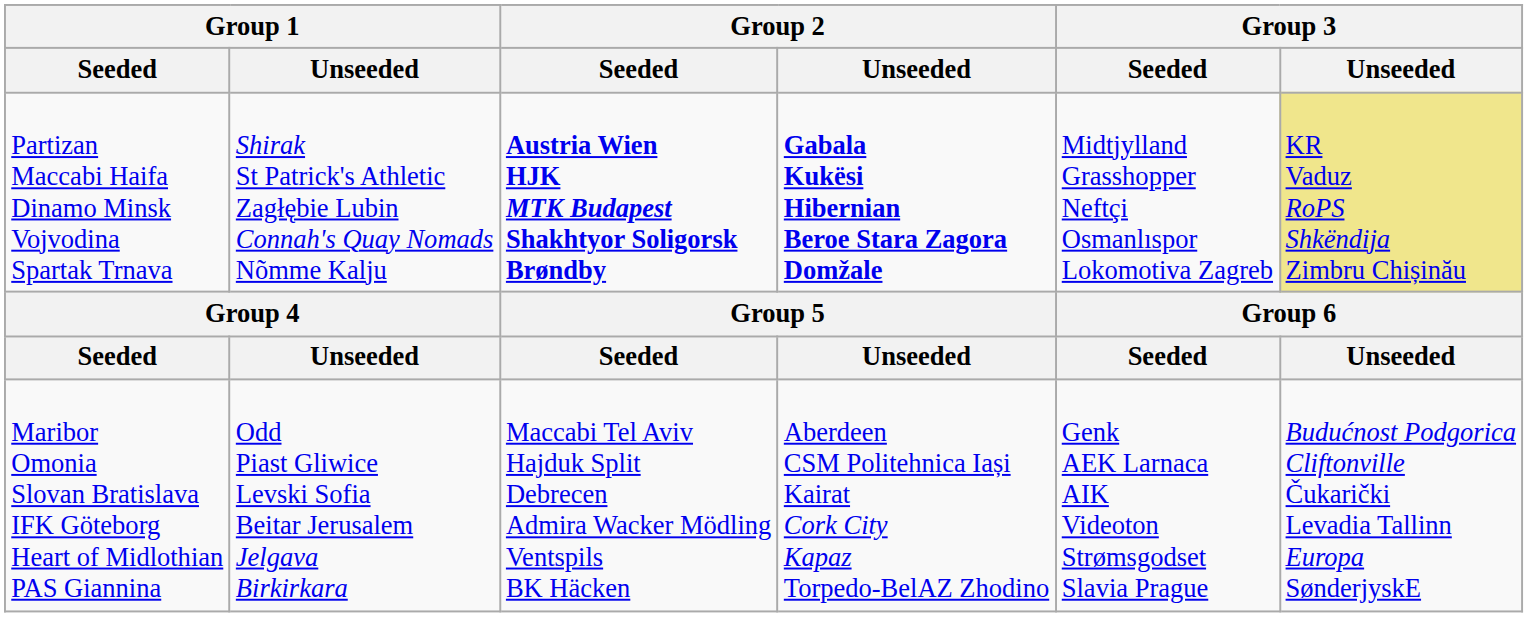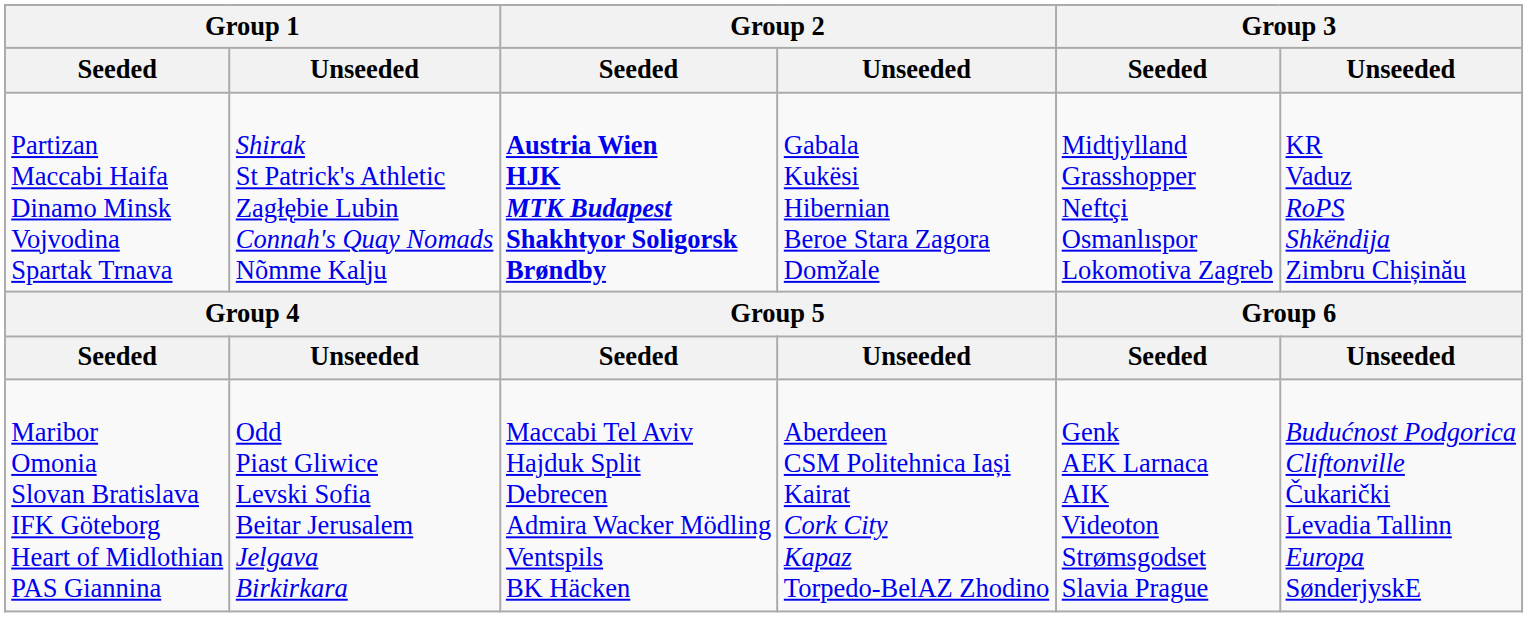 <table class="wikitable" style="font-size:85%">
 <tr>
 <th colspan=2>Group 1</th>
 <th colspan=2>Group 2</th>
 <th colspan=2>Group 3</th>
 </tr>
 <tr>
 <th>Seeded</th>
 <th>Unseeded</th>
 <th>Seeded</th>
 <th>Unseeded</th>
 <th>Seeded</th>
 <th>Unseeded</th>
 </tr>
 <tr>
 <td valign=top><br> <a href='#'>Partizan</a> <br>  <a href='#'>Maccabi Haifa</a> <br>  <a href='#'>Dinamo Minsk</a> <br>  <a href='#'>Vojvodina</a> <br>  <a href='#'>Spartak Trnava</a> </td>
 <td valign=top><br> <em><a href='#'>Shirak</a></em> <br>  <a href='#'>St Patrick's Athletic</a> <br>  <a href='#'>Zagłębie Lubin</a> <br>  <em><a href='#'>Connah's Quay Nomads</a></em> <br>  <a href='#'>Nõmme Kalju</a> </td>
 <td valign=top><strong><br> <a href='#'>Austria Wien</a> <br>  <a href='#'>HJK</a> <br>  <em><a href='#'>MTK Budapest</a></em> <br>  <a href='#'>Shakhtyor Soligorsk</a> <br>  <a href='#'>Brøndby</a> </strong></td>
-<td valign=top><strong><br> <a href='#'>Gabala</a> <br>  <a href='#'>Kukësi</a> <br>  <a href='#'>Hibernian</a> <br>  <a href='#'>Beroe Stara Zagora</a> <br>  <a href='#'>Domžale</a> </strong></td>
+<td valign=top><br> <a href='#'>Gabala</a> <br>  <a href='#'>Kukësi</a> <br>  <a href='#'>Hibernian</a> <br>  <a href='#'>Beroe Stara Zagora</a> <br>  <a href='#'>Domžale</a> </td>
 <td valign=top><br> <a href='#'>Midtjylland</a> <br>  <a href='#'>Grasshopper</a> <br>  <a href='#'>Neftçi</a> <br>  <a href='#'>Osmanlıspor</a> <br>  <a href='#'>Lokomotiva Zagreb</a> </td>
-<td valign=top style="background: khaki;"><br> <a href='#'>KR</a> <br>  <a href='#'>Vaduz</a> <br>  <em><a href='#'>RoPS</a></em> <br>  <em><a href='#'>Shkëndija</a></em> <br>  <a href='#'>Zimbru Chișinău</a> </td>
+<td valign=top><br> <a href='#'>KR</a> <br>  <a href='#'>Vaduz</a> <br>  <em><a href='#'>RoPS</a></em> <br>  <em><a href='#'>Shkëndija</a></em> <br>  <a href='#'>Zimbru Chișinău</a> </td>
 </tr>
 <tr>
 <th colspan=2>Group 4</th>
 <th colspan=2>Group 5</th>
 <th colspan=2>Group 6</th>
 </tr>
 <tr>
 <th>Seeded</th>
 <th>Unseeded</th>
 <th>Seeded</th>
 <th>Unseeded</th>
 <th>Seeded</th>
 <th>Unseeded</th>
 </tr>
 <tr>
 <td valign=top><br> <a href='#'>Maribor</a> <br>  <a href='#'>Omonia</a> <br>  <a href='#'>Slovan Bratislava</a> <br>  <a href='#'>IFK Göteborg</a> <br>  <a href='#'>Heart of Midlothian</a> <br>  <a href='#'>PAS Giannina</a> </td>
 <td valign=top><br> <a href='#'>Odd</a> <br>  <a href='#'>Piast Gliwice</a> <br>  <a href='#'>Levski Sofia</a> <br>  <a href='#'>Beitar Jerusalem</a> <br>  <em><a href='#'>Jelgava</a></em> <br>  <em><a href='#'>Birkirkara</a></em> </td>
 <td valign=top><br> <a href='#'>Maccabi Tel Aviv</a> <br>  <a href='#'>Hajduk Split</a> <br>  <a href='#'>Debrecen</a> <br>  <a href='#'>Admira Wacker Mödling</a> <br>  <a href='#'>Ventspils</a> <br>  <a href='#'>BK Häcken</a> </td>
 <td valign=top><br> <a href='#'>Aberdeen</a> <br>  <a href='#'>CSM Politehnica Iași</a> <br>  <a href='#'>Kairat</a> <br>  <em><a href='#'>Cork City</a></em> <br>  <em><a href='#'>Kapaz</a></em> <br>  <a href='#'>Torpedo-BelAZ Zhodino</a> </td>
 <td valign=top><br> <a href='#'>Genk</a> <br>  <a href='#'>AEK Larnaca</a> <br>  <a href='#'>AIK</a> <br>  <a href='#'>Videoton</a> <br>  <a href='#'>Strømsgodset</a> <br>  <a href='#'>Slavia Prague</a> </td>
 <td valign=top><br> <em><a href='#'>Budućnost Podgorica</a></em> <br>  <em><a href='#'>Cliftonville</a></em> <br>  <a href='#'>Čukarički</a> <br>  <a href='#'>Levadia Tallinn</a> <br>  <em><a href='#'>Europa</a></em> <br>  <a href='#'>SønderjyskE</a> </td>
 </tr>
 </table>
